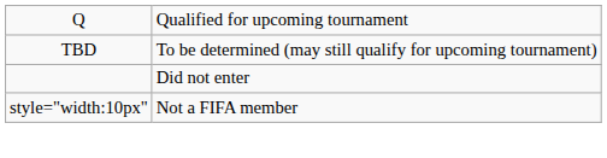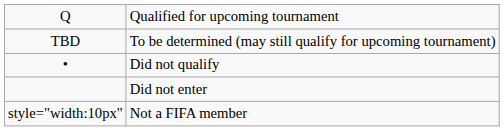 <table class="wikitable" style="font-size:90%">
 <tr>
 <td style="text-align:center;width:10px">Q</td>
 <td>Qualified for upcoming tournament</td>
 </tr>
 <tr>
 <td style="text-align:center;width:10px">TBD</td>
 <td>To be determined (may still qualify for upcoming tournament)</td>
 </tr>
 <tr>
+<td style="text-align:center;width:10px">•</td>
+<td>Did not qualify</td>
+</tr>
+<tr>
 <td style="width:10px"></td>
 <td>Did not enter</td>
 </tr>
 <tr>
 <td>style="width:10px" </td>
 <td>Not a FIFA member</td>
 </tr>
 </table>
